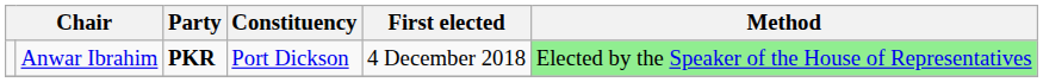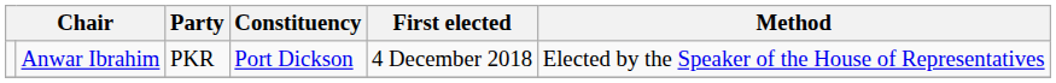 <table class="wikitable">
 <tr>
 <th colspan="2">Chair</th>
 <th>Party</th>
 <th>Constituency</th>
 <th>First elected</th>
 <th>Method</th>
 </tr>
 <tr>
 <td style="background-color: "></td>
 <td><a href='#'>Anwar Ibrahim</a></td>
-<td><strong>PKR</strong></td>
+<td>PKR</td>
 <td><a href='#'>Port Dickson</a></td>
 <td>4 December 2018</td>
-<td style="background: lightgreen;">Elected by the <a href='#'>Speaker of the House of Representatives</a></td>
+<td>Elected by the <a href='#'>Speaker of the House of Representatives</a></td>
 </tr>
 <tr>
 </tr>
 </table>
